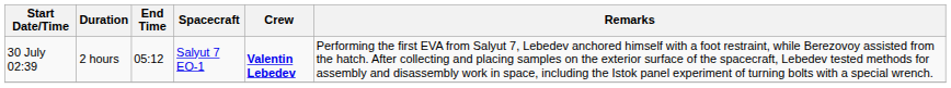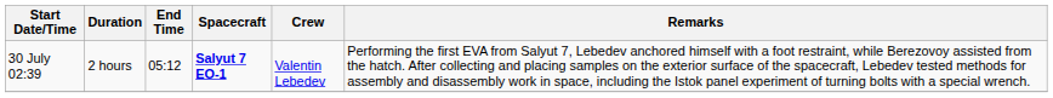 <table class="wikitable" width="100%">
 <tr>
 <th>Start Date/Time</th>
 <th>Duration</th>
 <th>End Time</th>
 <th>Spacecraft</th>
 <th>Crew</th>
 <th>Remarks</th>
 </tr>
 <tr>
 <td>30 July<br>02:39</td>
 <td>2 hours<br></td>
 <td>05:12</td>
-<td><a href='#'>Salyut 7</a> <a href='#'>EO-1</a></td>
-<td><strong><br><a href='#'>Valentin Lebedev</a></strong></td>
+<td><strong><a href='#'>Salyut 7</a> <a href='#'>EO-1</a></strong></td>
+<td><br><a href='#'>Valentin Lebedev</a></td>
 <td>Performing the first EVA from Salyut 7, Lebedev anchored himself with a foot restraint, while Berezovoy assisted from the hatch. After collecting and placing samples on the exterior surface of the spacecraft, Lebedev tested methods for assembly and disassembly work in space, including the Istok panel experiment of turning bolts with a special wrench.</td>
 </tr>
 <tr>
 </tr>
 </table>
